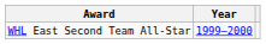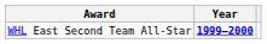 <table class="wikitable">
 <tr>
 <th>Award</th>
 <th>Year</th>
 <th></th>
 </tr>
 <tr>
 <td><a href='#'>WHL</a> East Second Team All-Star</td>
-<td><a href='#'>1999–2000</a></td>
+<td><strong><a href='#'>1999–2000</a></strong></td>
 <td></td>
 </tr>
 </table>
